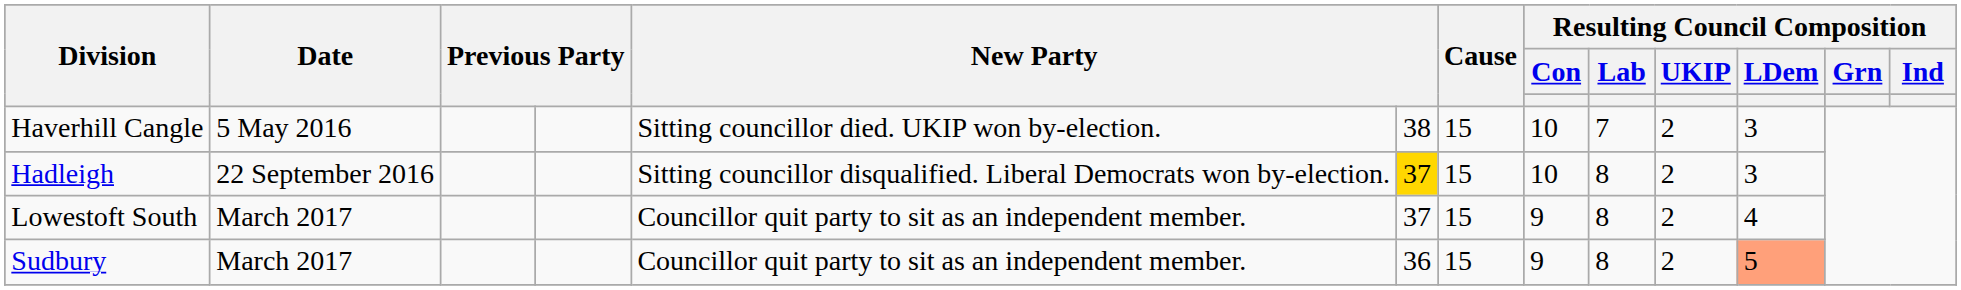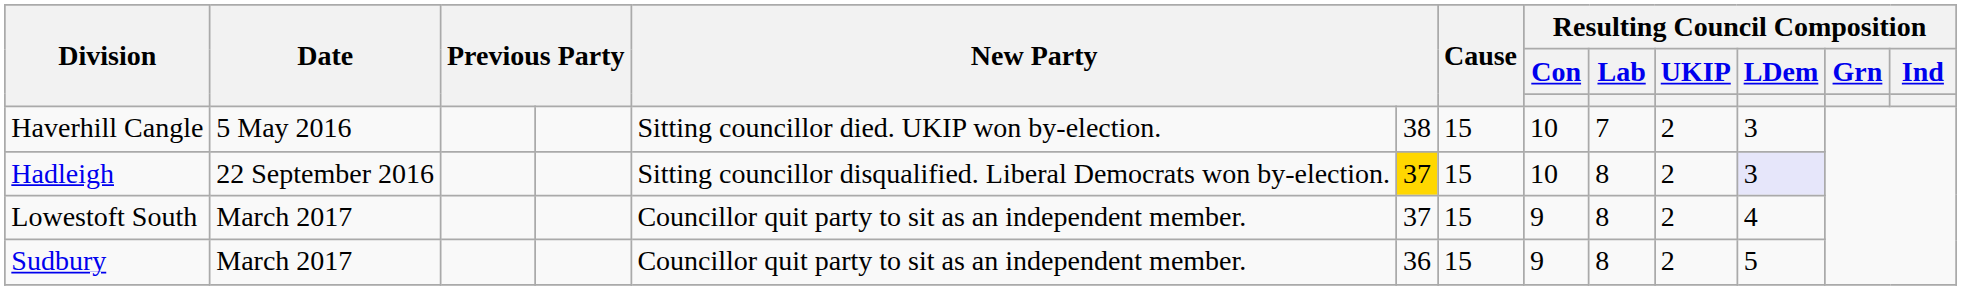 <table class="wikitable">
 <tr>
 <th ! rowspan="3">Division</th>
 <th ! rowspan="3">Date</th>
 <th ! rowspan=3 colspan=2>Previous Party</th>
 <th ! rowspan=3 colspan=2>New Party</th>
 <th ! rowspan="3">Cause</th>
 <th ! colspan="6">Resulting Council Composition</th>
 </tr>
 <tr>
 <th style="width:30px;" class="unsortable"><a href='#'>Con</a></th>
 <th style="width:30px;" class="unsortable"><a href='#'>Lab</a></th>
 <th style="width:30px;" class="unsortable"><a href='#'>UKIP</a></th>
 <th style="width:30px;" class="unsortable"><a href='#'>LDem</a></th>
 <th style="width:30px;" class="unsortable"><a href='#'>Grn</a></th>
 <th style="width:30px;" class="unsortable"><a href='#'>Ind</a></th>
 </tr>
 <tr>
 <th class="unsortable" style="color:inherit;background:"></th>
 <th class="unsortable" style="color:inherit;background:"></th>
 <th class="unsortable" style="color:inherit;background:"></th>
 <th class="unsortable" style="color:inherit;background:"></th>
 <th class="unsortable" style="color:inherit;background:"></th>
 <th class="unsortable" style="color:inherit;background:"></th>
 </tr>
 <tr>
 <td>Haverhill Cangle</td>
 <td>5 May 2016</td>
 <td></td>
 <td></td>
 <td>Sitting councillor died. UKIP won by-election.</td>
 <td>38</td>
 <td>15</td>
 <td>10</td>
 <td>7</td>
 <td>2</td>
 <td>3</td>
 </tr>
 <tr>
 <td><a href='#'>Hadleigh</a></td>
 <td>22 September 2016</td>
 <td></td>
 <td></td>
 <td>Sitting councillor disqualified. Liberal Democrats won by-election.</td>
 <td style="background: gold;">37</td>
 <td>15</td>
 <td>10</td>
 <td>8</td>
 <td>2</td>
-<td>3</td>
+<td style="background: lavender;">3</td>
 </tr>
 <tr>
 <td>Lowestoft South</td>
 <td>March 2017</td>
 <td></td>
 <td></td>
 <td>Councillor quit party to sit as an independent member.</td>
 <td>37</td>
 <td>15</td>
 <td>9</td>
 <td>8</td>
 <td>2</td>
 <td>4</td>
 </tr>
 <tr>
 <td><a href='#'>Sudbury</a></td>
 <td>March 2017</td>
 <td></td>
 <td></td>
 <td>Councillor quit party to sit as an independent member.</td>
 <td>36</td>
 <td>15</td>
 <td>9</td>
 <td>8</td>
 <td>2</td>
-<td style="background: lightsalmon;">5</td>
+<td>5</td>
 </tr>
 </table>
